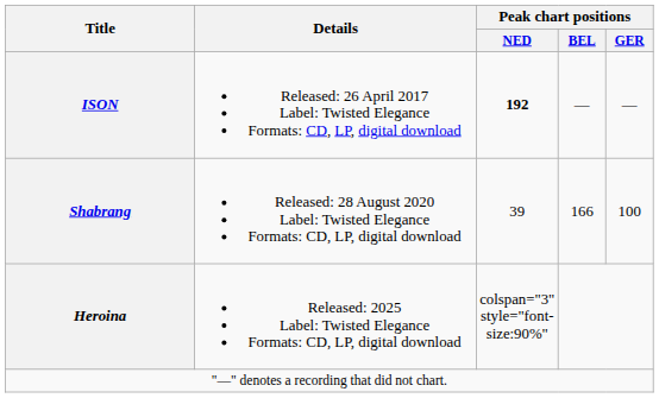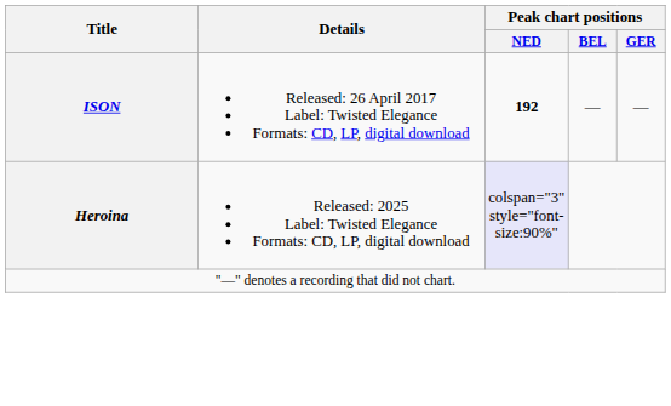 <table class="wikitable plainrowheaders" style="text-align:center">
 <tr>
 <th scope="col" rowspan="2" style="width:12em;">Title</th>
 <th scope="col" rowspan="2" style="width:18em;">Details</th>
 <th colspan="3" scope="col">Peak chart positions</th>
 </tr>
 <tr>
 <th scope="col" style="width:3em;font-size:90%;"><a href='#'>NED</a><br></th>
 <th scope="col" style="width:3em;font-size:90%;"><a href='#'>BEL</a><br></th>
 <th scope="col" style="width:3em;font-size:90%;"><a href='#'>GER</a><br></th>
 </tr>
 <tr>
 <th scope="row"><em><a href='#'>ISON</a></em></th>
 <td><br><ul><li>Released: 26 April 2017</li><li>Label: Twisted Elegance</li><li>Formats: <a href='#'>CD</a>, <a href='#'>LP</a>, <a href='#'>digital download</a></li></ul></td>
 <td><strong>192</strong></td>
 <td>—</td>
 <td>—</td>
 </tr>
 <tr>
-<th scope="row"><em><a href='#'>Shabrang</a></em></th>
-<td><br><ul><li>Released: 28 August 2020</li><li>Label: Twisted Elegance</li><li>Formats: CD, LP, digital download</li></ul></td>
-<td>39</td>
-<td>166</td>
-<td>100</td>
-</tr>
-<tr>
 <th scope="row"><em>Heroina</em></th>
 <td><br><ul><li>Released: 2025</li><li>Label: Twisted Elegance</li><li>Formats: CD, LP, digital download</li></ul></td>
-<td>colspan="3" style="font-size:90%" </td>
+<td style="background: lavender;">colspan="3" style="font-size:90%" </td>
 </tr>
 <tr>
 <td colspan="5" style="font-size:90%">"—" denotes a recording that did not chart.</td>
 </tr>
 </table>
